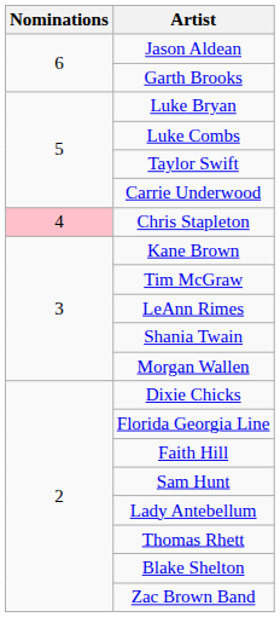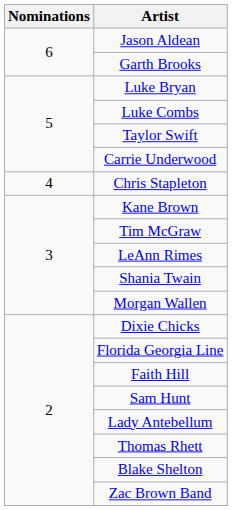 <table class="wikitable" style="text-align:center;">
 <tr>
 <th scope="col" width="55">Nominations</th>
 <th scope="col" align="center">Artist</th>
 </tr>
 <tr>
 <td rowspan=2 style="text-align:center">6</td>
 <td><a href='#'>Jason Aldean</a></td>
 </tr>
 <tr>
 <td><a href='#'>Garth Brooks</a></td>
 </tr>
 <tr>
 <td rowspan=4 style="text-align:center">5</td>
 <td><a href='#'>Luke Bryan</a></td>
 </tr>
 <tr>
 <td><a href='#'>Luke Combs</a></td>
 </tr>
 <tr>
 <td><a href='#'>Taylor Swift</a></td>
 </tr>
 <tr>
 <td><a href='#'>Carrie Underwood</a></td>
 </tr>
 <tr>
-<td style="background: pink; text-align:center">4</td>
+<td style="text-align:center">4</td>
 <td><a href='#'>Chris Stapleton</a></td>
 </tr>
 <tr>
 <td rowspan="5" style="text-align:center">3</td>
 <td><a href='#'>Kane Brown</a></td>
 </tr>
 <tr>
 <td><a href='#'>Tim McGraw</a></td>
 </tr>
 <tr>
 <td><a href='#'>LeAnn Rimes</a></td>
 </tr>
 <tr>
 <td><a href='#'>Shania Twain</a></td>
 </tr>
 <tr>
 <td><a href='#'>Morgan Wallen</a></td>
 </tr>
 <tr>
 <td rowspan="8" style="text-align:center">2</td>
 <td><a href='#'>Dixie Chicks</a></td>
 </tr>
 <tr>
 <td><a href='#'>Florida Georgia Line</a></td>
 </tr>
 <tr>
 <td><a href='#'>Faith Hill</a></td>
 </tr>
 <tr>
 <td><a href='#'>Sam Hunt</a></td>
 </tr>
 <tr>
 <td><a href='#'>Lady Antebellum</a></td>
 </tr>
 <tr>
 <td><a href='#'>Thomas Rhett</a></td>
 </tr>
 <tr>
 <td><a href='#'>Blake Shelton</a></td>
 </tr>
 <tr>
 <td><a href='#'>Zac Brown Band</a></td>
 </tr>
 </table>
